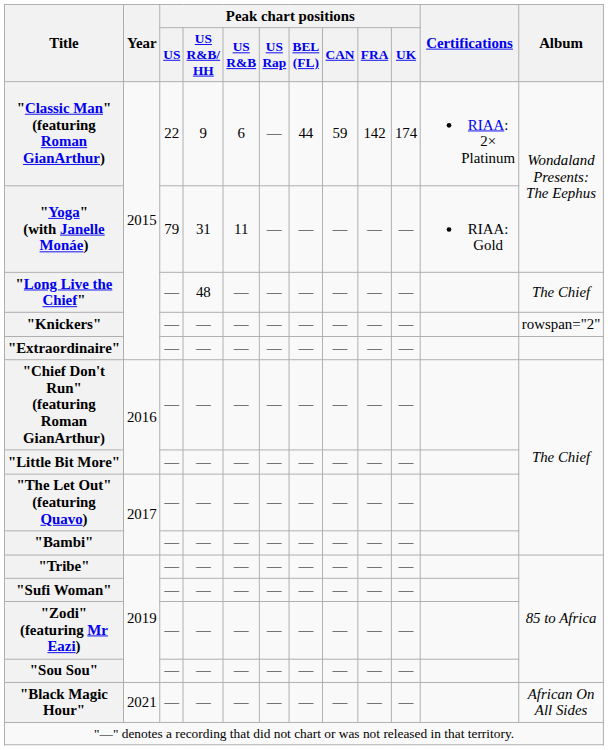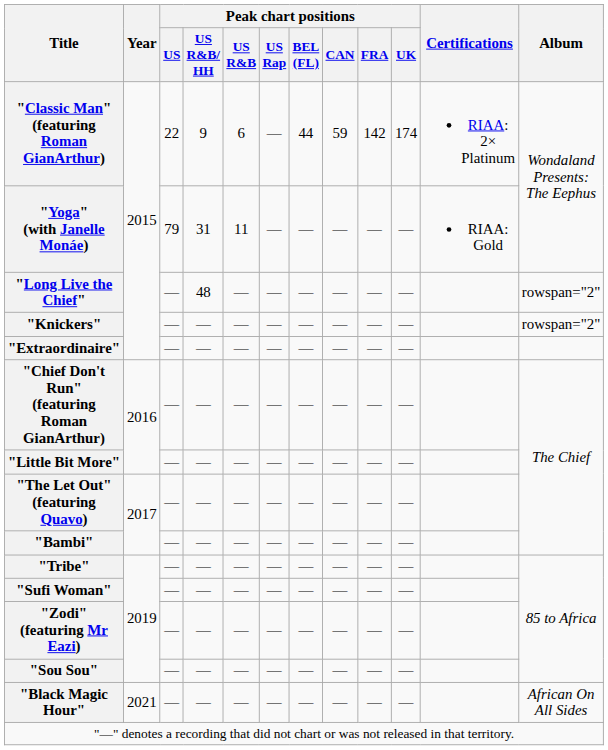 <table class="wikitable plainrowheaders" style="text-align:center;">
 <tr>
 <th scope="col" rowspan="2" style="width:18em;">Title</th>
 <th scope="col" rowspan="2" style="width:2.5em;">Year</th>
 <th scope="col" colspan="8">Peak chart positions</th>
 <th scope="col" rowspan="2" style="width:12em;"><a href='#'>Certifications</a></th>
 <th scope="col" rowspan="2" style="width:10em;">Album</th>
 </tr>
 <tr>
 <th scope="col" style="width:3em;font-size:90%;"><a href='#'>US</a><br></th>
 <th scope="col" style="width:3em;font-size:90%;"><a href='#'>US<br>R&B/<br>HH</a><br></th>
 <th scope="col" style="width:3em;font-size:90%;"><a href='#'>US<br>R&B</a><br></th>
 <th scope="col" style="width:3em;font-size:90%;"><a href='#'>US Rap</a></th>
 <th scope="col" style="width:3em;font-size:90%;"><a href='#'>BEL<br>(FL)</a></th>
 <th scope="col" style="width:3em;font-size:90%;"><a href='#'>CAN</a><br></th>
 <th scope="col" style="width:3em;font-size:90%;"><a href='#'>FRA</a></th>
 <th scope="col" style="width:3em;font-size:90%;"><a href='#'>UK</a><br></th>
 </tr>
 <tr>
 <th scope="row">"<a href='#'>Classic Man</a>" <br><span>(featuring <a href='#'>Roman GianArthur</a>)</span></th>
 <td rowspan="5">2015</td>
 <td>22</td>
 <td>9</td>
 <td>6</td>
 <td>—</td>
 <td>44</td>
 <td>59</td>
 <td>142</td>
 <td>174</td>
 <td><br><ul><li><a href='#'>RIAA</a>: 2× Platinum</li></ul></td>
 <td rowspan="2"><em>Wondaland Presents:<br>The Eephus</em></td>
 </tr>
 <tr>
 <th scope="row">"<a href='#'>Yoga</a>" <br> <span>(with <a href='#'>Janelle Monáe</a>)</span></th>
 <td>79</td>
 <td>31</td>
 <td>11</td>
 <td>—</td>
 <td>—</td>
 <td>—</td>
 <td>—</td>
 <td>—</td>
 <td><br><ul><li>RIAA: Gold</li></ul></td>
 </tr>
 <tr>
 <th scope="row">"<a href='#'>Long Live the Chief</a>"</th>
 <td>—</td>
 <td>48</td>
 <td>—</td>
 <td>—</td>
 <td>—</td>
 <td>—</td>
 <td>—</td>
 <td>—</td>
 <td></td>
-<td><em>The Chief</em></td>
+<td>rowspan="2" </td>
 </tr>
 <tr>
 <th scope="row">"Knickers"</th>
 <td>—</td>
 <td>—</td>
 <td>—</td>
 <td>—</td>
 <td>—</td>
 <td>—</td>
 <td>—</td>
 <td>—</td>
 <td></td>
 <td>rowspan="2" </td>
 </tr>
 <tr>
 <th scope="row">"Extraordinaire"</th>
 <td>—</td>
 <td>—</td>
 <td>—</td>
 <td>—</td>
 <td>—</td>
 <td>—</td>
 <td>—</td>
 <td>—</td>
 <td></td>
 </tr>
 <tr>
 <th scope="row">"Chief Don't Run"<br> <span>(featuring Roman GianArthur)</span></th>
 <td rowspan="2">2016</td>
 <td>—</td>
 <td>—</td>
 <td>—</td>
 <td>—</td>
 <td>—</td>
 <td>—</td>
 <td>—</td>
 <td>—</td>
 <td></td>
 <td rowspan="4"><em>The Chief</em></td>
 </tr>
 <tr>
 <th scope="row">"Little Bit More"</th>
 <td>—</td>
 <td>—</td>
 <td>—</td>
 <td>—</td>
 <td>—</td>
 <td>—</td>
 <td>—</td>
 <td>—</td>
 <td></td>
 </tr>
 <tr>
 <th scope="row">"The Let Out" <br><span>(featuring <a href='#'>Quavo</a>)</span></th>
 <td rowspan="2">2017</td>
 <td>—</td>
 <td>—</td>
 <td>—</td>
 <td>—</td>
 <td>—</td>
 <td>—</td>
 <td>—</td>
 <td>—</td>
 <td></td>
 </tr>
 <tr>
 <th scope="row">"Bambi"</th>
 <td>—</td>
 <td>—</td>
 <td>—</td>
 <td>—</td>
 <td>—</td>
 <td>—</td>
 <td>—</td>
 <td>—</td>
 <td></td>
 </tr>
 <tr>
 <th scope="row">"Tribe"</th>
 <td rowspan="4">2019</td>
 <td>—</td>
 <td>—</td>
 <td>—</td>
 <td>—</td>
 <td>—</td>
 <td>—</td>
 <td>—</td>
 <td>—</td>
 <td></td>
 <td rowspan="4"><em>85 to Africa</em></td>
 </tr>
 <tr>
 <th scope="row">"Sufi Woman"</th>
 <td>—</td>
 <td>—</td>
 <td>—</td>
 <td>—</td>
 <td>—</td>
 <td>—</td>
 <td>—</td>
 <td>—</td>
 <td></td>
 </tr>
 <tr>
 <th scope="row">"Zodi"<br><span>(featuring <a href='#'>Mr Eazi</a>)</span></th>
 <td>—</td>
 <td>—</td>
 <td>—</td>
 <td>—</td>
 <td>—</td>
 <td>—</td>
 <td>—</td>
 <td>—</td>
 <td></td>
 </tr>
 <tr>
 <th scope="row">"Sou Sou"</th>
 <td>—</td>
 <td>—</td>
 <td>—</td>
 <td>—</td>
 <td>—</td>
 <td>—</td>
 <td>—</td>
 <td>—</td>
 <td></td>
 </tr>
 <tr>
 <th scope="row">"Black Magic Hour"</th>
 <td>2021</td>
 <td>—</td>
 <td>—</td>
 <td>—</td>
 <td>—</td>
 <td>—</td>
 <td>—</td>
 <td>—</td>
 <td>—</td>
 <td></td>
 <td><em>African On All Sides</em></td>
 </tr>
 <tr>
 <td colspan="12" style="font-size:90%">"—" denotes a recording that did not chart or was not released in that territory.</td>
 </tr>
 </table>
